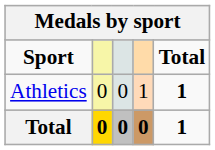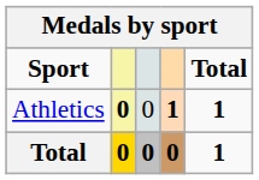 <table class=wikitable style="font-size:85%; float:right;text-align:center">
 <tr bgcolor=EFEFEF>
 <th colspan=7>Medals by sport</th>
 </tr>
 <tr>
 <td><strong>Sport</strong></td>
 <td bgcolor=F7F6A8></td>
 <td bgcolor=DCE5E5></td>
 <td bgcolor=FFDBA9></td>
 <td><strong>Total</strong></td>
 </tr>
 <tr>
 <td><a href='#'>Athletics</a></td>
-<td bgcolor=F7F6A8>0</td>
+<td bgcolor=F7F6A8><strong>0</strong></td>
 <td bgcolor=DCE5E5>0</td>
-<td bgcolor=FFDAB9>1</td>
+<td bgcolor=FFDAB9><strong>1</strong></td>
 <td><strong>1</strong></td>
 </tr>
 <tr>
 <th>Total</th>
 <td style="background:gold;"><strong>0</strong></td>
 <td style="background:silver;"><strong>0</strong></td>
 <td style="background:#c96;"><strong>0</strong></td>
 <td><strong>1</strong></td>
 </tr>
 </table>
